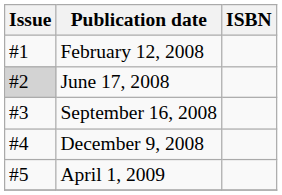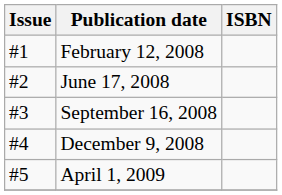 <table class="wikitable">
 <tr>
 <th>Issue</th>
 <th>Publication date</th>
 <th>ISBN</th>
 </tr>
 <tr>
 <td>#1</td>
 <td>February 12, 2008</td>
 <td><br></td>
 </tr>
 <tr>
-<td style="background: lightgrey;">#2</td>
+<td>#2</td>
 <td>June 17, 2008</td>
 <td><br></td>
 </tr>
 <tr>
 <td>#3</td>
 <td>September 16, 2008</td>
 <td><br></td>
 </tr>
 <tr>
 <td>#4</td>
 <td>December 9, 2008</td>
 <td><br></td>
 </tr>
 <tr>
 <td>#5</td>
 <td>April 1, 2009</td>
 <td><br></td>
 </tr>
 <tr>
 </tr>
 </table>
